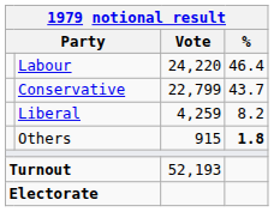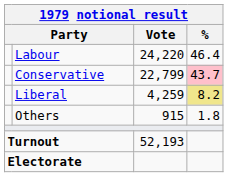 <table class="wikitable">
 <tr>
 <th colspan="4"><a href='#'>1979</a> <a href='#'>notional result</a></th>
 </tr>
 <tr>
 <th bgcolor="#DDDDFF" width="130px" colspan="2">Party</th>
 <th bgcolor="#DDDDFF" width="50px">Vote</th>
 <th bgcolor="#DDDDFF" width="30px">%</th>
 </tr>
 <tr>
 <td></td>
 <td><a href='#'>Labour</a></td>
 <td align=right>24,220</td>
 <td align=right>46.4</td>
 </tr>
 <tr>
 <td></td>
 <td><a href='#'>Conservative</a></td>
 <td align=right>22,799</td>
-<td align=right>43.7</td>
+<td align=right style="background: pink;">43.7</td>
 </tr>
 <tr>
 <td></td>
 <td><a href='#'>Liberal</a></td>
 <td align=right>4,259</td>
-<td align=right>8.2</td>
+<td align=right style="background: khaki;">8.2</td>
 </tr>
 <tr>
 <td></td>
 <td>Others</td>
 <td align=right>915</td>
-<td align=right><strong>1.8</strong></td>
+<td align=right>1.8</td>
 </tr>
 <tr>
 <td colspan="4" bgcolor="#EAECF0"></td>
 </tr>
 <tr>
 <td colspan="2"><strong>Turnout</strong></td>
 <td align=right>52,193</td>
 <td align=right></td>
 </tr>
 <tr>
 <td colspan="2"><strong>Electorate</strong></td>
 <td align=right></td>
 </tr>
 </table>
